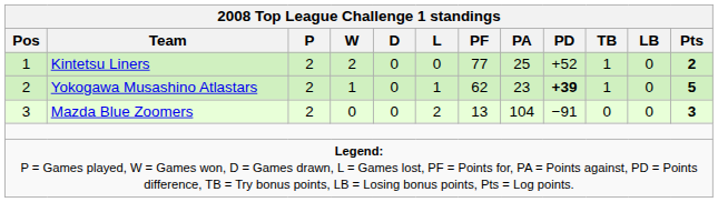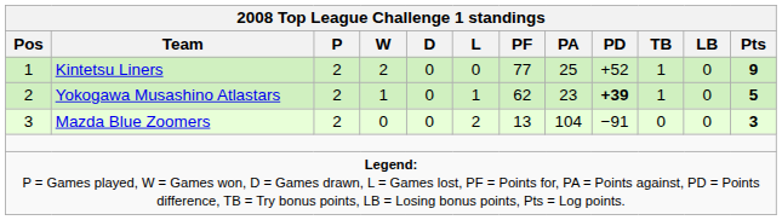 <table class="wikitable" style="text-align:center; font-size:100%; width:60%;">
 <tr>
 <th colspan="100%" cellpadding="0" cellspacing="0"><strong>2008 Top League Challenge 1 standings</strong></th>
 </tr>
 <tr>
 <th style="width:6%;">Pos</th>
 <th style="width:34%;">Team</th>
 <th style="width:6%;">P</th>
 <th style="width:6%;">W</th>
 <th style="width:6%;">D</th>
 <th style="width:6%;">L</th>
 <th style="width:6%;">PF</th>
 <th style="width:6%;">PA</th>
 <th style="width:6%;">PD</th>
 <th style="width:6%;">TB</th>
 <th style="width:6%;">LB</th>
 <th style="width:6%;">Pts<br></th>
 </tr>
 <tr style="background:#D0F0C0;">
 <td>1</td>
 <td style="text-align:left;"><a href='#'>Kintetsu Liners</a></td>
 <td>2</td>
 <td>2</td>
 <td>0</td>
 <td>0</td>
 <td>77</td>
 <td>25</td>
 <td>+52</td>
 <td>1</td>
 <td>0</td>
-<td><strong>2</strong></td>
+<td><strong>9</strong></td>
 </tr>
 <tr style="background:#D0F0C0;">
 <td>2</td>
 <td style="text-align:left;"><a href='#'>Yokogawa Musashino Atlastars</a></td>
 <td>2</td>
 <td>1</td>
 <td>0</td>
 <td>1</td>
 <td>62</td>
 <td>23</td>
 <td><strong>+39</strong></td>
 <td>1</td>
 <td>0</td>
 <td><strong>5</strong></td>
 </tr>
 <tr style="background:#E8FFD8;">
 <td>3</td>
 <td style="text-align:left;"><a href='#'>Mazda Blue Zoomers</a></td>
 <td>2</td>
 <td>0</td>
 <td>0</td>
 <td>2</td>
 <td>13</td>
 <td>104</td>
 <td>−91</td>
 <td>0</td>
 <td>0</td>
 <td><strong>3</strong></td>
 </tr>
 <tr>
 <td colspan="100%" style="height:10px;"></td>
 </tr>
 <tr>
 <td colspan="100%"><small><strong>Legend:</strong> <br> P = Games played, W = Games won, D = Games drawn, L = Games lost, PF = Points for, PA = Points against, PD = Points difference, TB = Try bonus points, LB = Losing bonus points, Pts = Log points.</small></td>
 </tr>
 </table>
